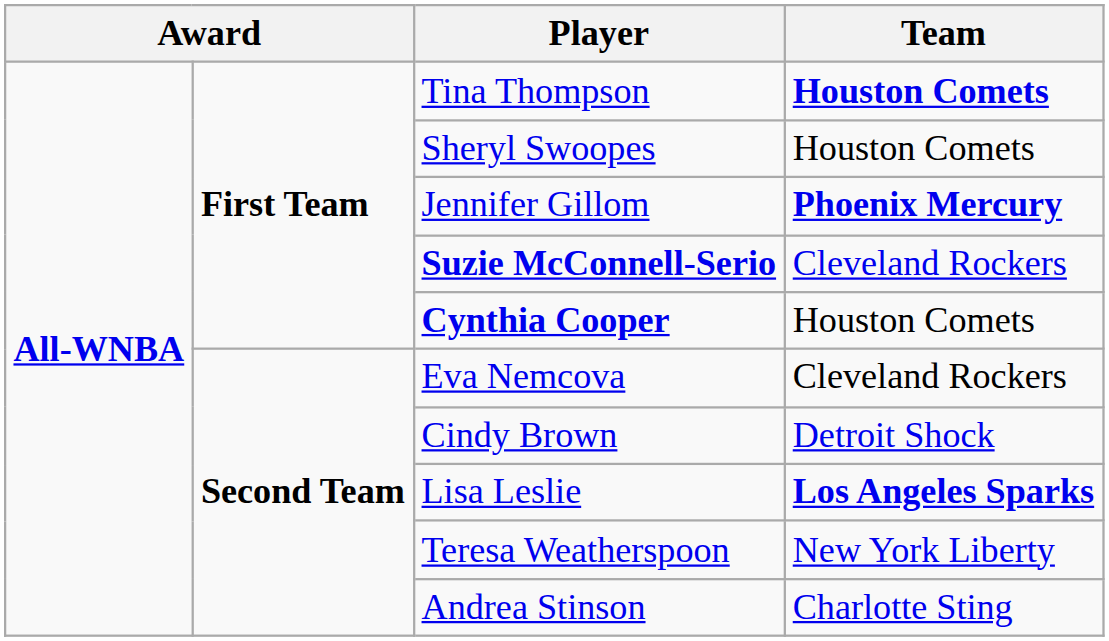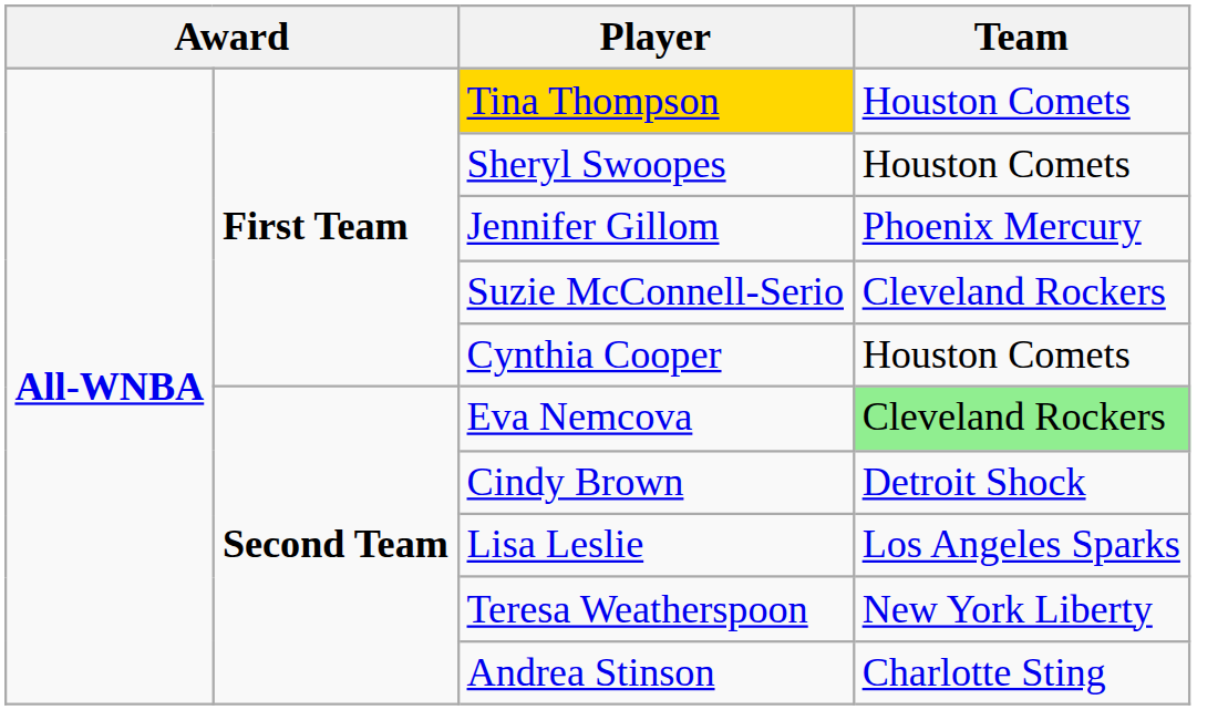 <table class="wikitable">
 <tr>
 <th colspan=2>Award</th>
 <th>Player</th>
 <th>Team</th>
 </tr>
 <tr>
 <td rowspan=10><strong><a href='#'>All-WNBA</a></strong></td>
 <td rowspan=5><strong>First Team</strong></td>
-<td><a href='#'>Tina Thompson</a></td>
-<td><strong><a href='#'>Houston Comets</a></strong></td>
+<td style="background: gold;"><a href='#'>Tina Thompson</a></td>
+<td><a href='#'>Houston Comets</a></td>
 </tr>
 <tr>
 <td><a href='#'>Sheryl Swoopes</a></td>
 <td>Houston Comets</td>
 </tr>
 <tr>
 <td><a href='#'>Jennifer Gillom</a></td>
-<td><strong><a href='#'>Phoenix Mercury</a></strong></td>
+<td><a href='#'>Phoenix Mercury</a></td>
 </tr>
 <tr>
-<td><strong><a href='#'>Suzie McConnell-Serio</a></strong></td>
+<td><a href='#'>Suzie McConnell-Serio</a></td>
 <td><a href='#'>Cleveland Rockers</a></td>
 </tr>
 <tr>
-<td><strong><a href='#'>Cynthia Cooper</a></strong></td>
+<td><a href='#'>Cynthia Cooper</a></td>
 <td>Houston Comets</td>
 </tr>
 <tr>
 <td rowspan=5><strong>Second Team</strong></td>
 <td><a href='#'>Eva Nemcova</a></td>
-<td>Cleveland Rockers</td>
+<td style="background: lightgreen;">Cleveland Rockers</td>
 </tr>
 <tr>
 <td><a href='#'>Cindy Brown</a></td>
 <td><a href='#'>Detroit Shock</a></td>
 </tr>
 <tr>
 <td><a href='#'>Lisa Leslie</a></td>
-<td><strong><a href='#'>Los Angeles Sparks</a></strong></td>
+<td><a href='#'>Los Angeles Sparks</a></td>
 </tr>
 <tr>
 <td><a href='#'>Teresa Weatherspoon</a></td>
 <td><a href='#'>New York Liberty</a></td>
 </tr>
 <tr>
 <td><a href='#'>Andrea Stinson</a></td>
 <td><a href='#'>Charlotte Sting</a></td>
 </tr>
 </table>
